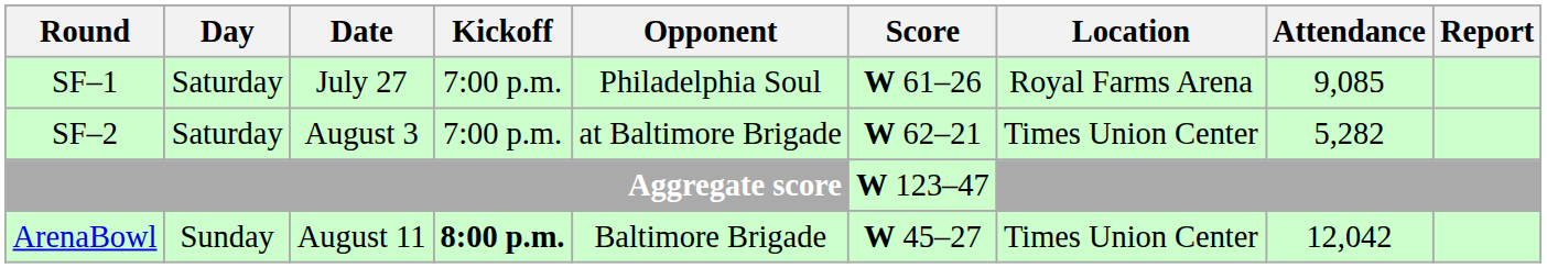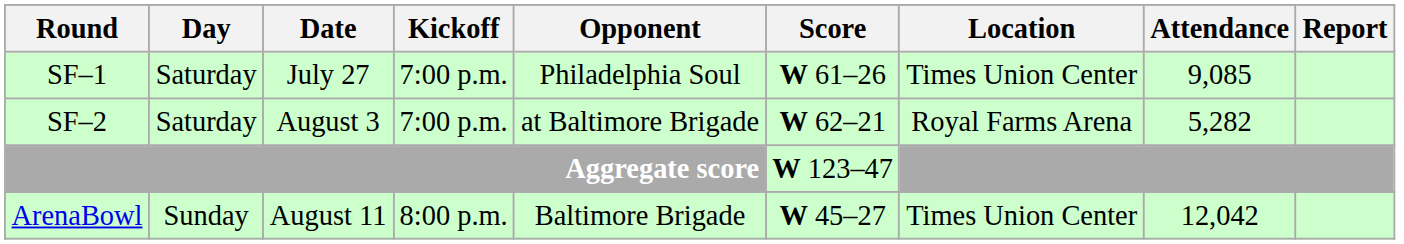 <table class="wikitable" style="text-align:center; font-size: 95%;">
 <tr>
 <th>Round</th>
 <th>Day</th>
 <th>Date</th>
 <th>Kickoff</th>
 <th>Opponent</th>
 <th>Score</th>
 <th>Location</th>
 <th>Attendance</th>
 <th>Report</th>
 </tr>
 <tr bgcolor="#ccffcc">
 <td>SF–1</td>
 <td>Saturday</td>
 <td>July 27</td>
 <td>7:00 p.m.</td>
 <td>Philadelphia Soul</td>
 <td><strong>W</strong> 61–26</td>
-<td>Royal Farms Arena</td>
+<td>Times Union Center</td>
 <td>9,085</td>
 <td></td>
 </tr>
 <tr bgcolor="#ccffcc">
 <td>SF–2</td>
 <td>Saturday</td>
 <td>August 3</td>
 <td>7:00 p.m.</td>
 <td>at Baltimore Brigade</td>
 <td><strong>W</strong> 62–21</td>
-<td>Times Union Center</td>
+<td>Royal Farms Arena</td>
 <td>5,282</td>
 <td></td>
 </tr>
 <tr>
 <td colspan=5 style="color:white; background:#aaaaaa; text-align:right"><strong>Aggregate score</strong></td>
 <td style="background:#ccffcc"><strong>W</strong> 123–47</td>
 <td colspan=3 style="background:#aaaaaa; color:white"></td>
 </tr>
 <tr bgcolor="#ccffcc">
 <td><a href='#'>ArenaBowl</a></td>
 <td>Sunday</td>
 <td>August 11</td>
-<td><strong>8:00 p.m.</strong></td>
+<td>8:00 p.m.</td>
 <td>Baltimore Brigade</td>
 <td><strong>W</strong> 45–27</td>
 <td>Times Union Center</td>
 <td>12,042</td>
 <td></td>
 </tr>
 </table>
